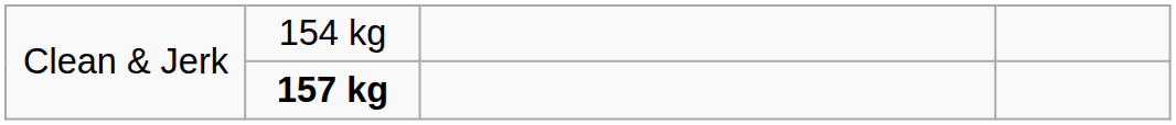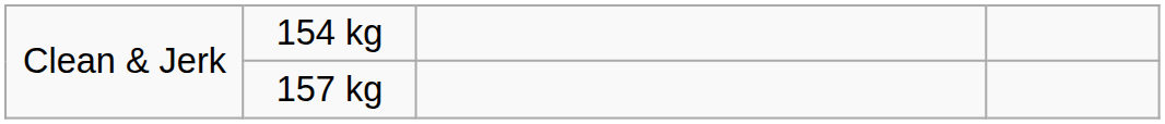 <table class = "wikitable" style="text-align:center;">
 <tr>
 <td width=100 rowspan=2>Clean & Jerk</td>
 <td width=70>154 kg</td>
 <td width=250 align=left></td>
 <td width=70></td>
 </tr>
 <tr>
-<td><strong>157 kg</strong></td>
+<td>157 kg</td>
 <td align=left></td>
 <td></td>
 </tr>
 </table>
